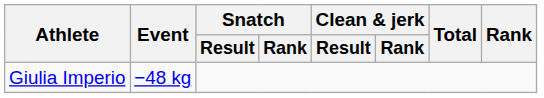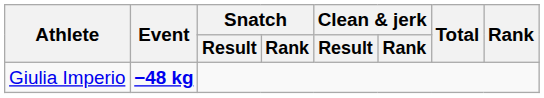 <table class="wikitable" style="font-size:90%">
 <tr>
 <th rowspan="2">Athlete</th>
 <th rowspan="2">Event</th>
 <th colspan="2">Snatch</th>
 <th colspan="2">Clean & jerk</th>
 <th rowspan="2">Total</th>
 <th rowspan="2">Rank</th>
 </tr>
 <tr style="font-size:95%">
 <th>Result</th>
 <th>Rank</th>
 <th>Result</th>
 <th>Rank</th>
 </tr>
 <tr align=center>
 <td align=left><a href='#'>Giulia Imperio</a></td>
-<td align=left><a href='#'>−48 kg</a></td>
+<td align=left><strong><a href='#'>−48 kg</a></strong></td>
 <td colspan=6></td>
 </tr>
 </table>
